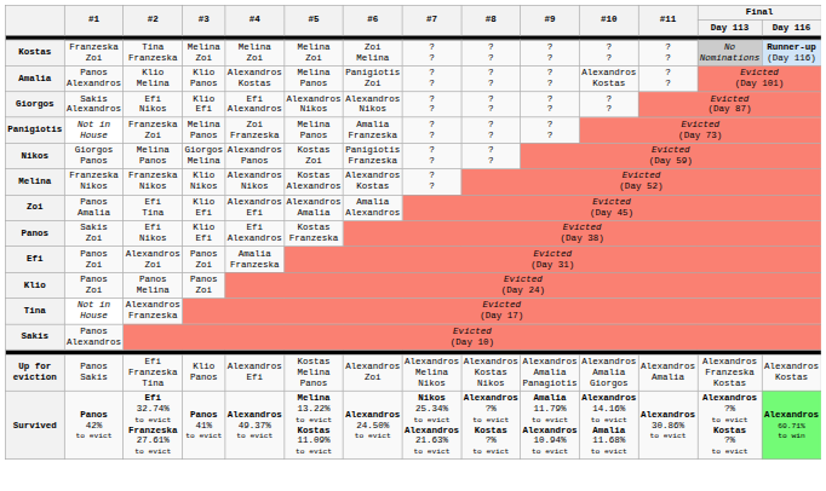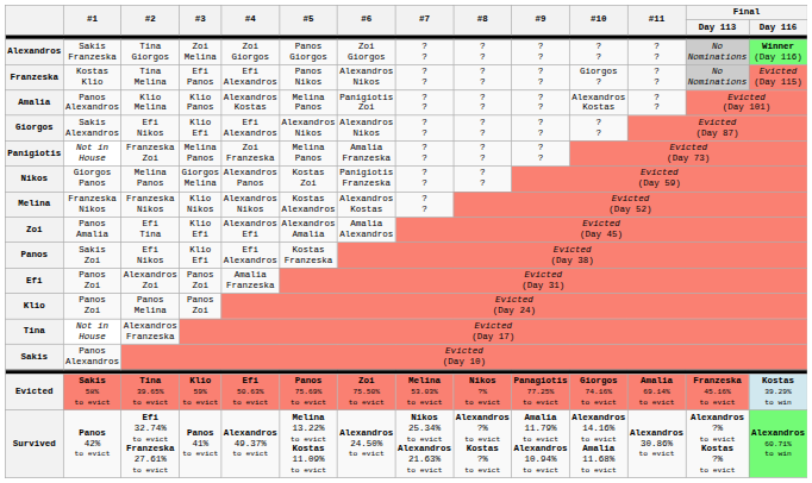 <table class="wikitable" style="text-align:center; font-size:85%; line-height:13px; width:100%">
 <tr>
 <th style="width:5%" rowspan="2"></th>
 <th style="width:5%" rowspan="2">#1</th>
 <th style="width:5%" rowspan="2">#2</th>
 <th style="width:5%" rowspan="2">#3</th>
 <th style="width:5%" rowspan="2">#4</th>
 <th style="width:5%" rowspan="2">#5</th>
 <th style="width:5%" rowspan="2">#6</th>
 <th style="width:5%" rowspan="2">#7</th>
 <th style="width:5%" rowspan="2">#8</th>
 <th style="width:5%" rowspan="2">#9</th>
 <th style="width:5%" rowspan="2">#10</th>
 <th style="width:5%" rowspan="2">#11</th>
 <th style="width:5%" colspan="2">Final</th>
 </tr>
 <tr>
 <th>Day 113</th>
 <th>Day 116</th>
 </tr>
 <tr>
 <th colspan="14" style="background:black;"></th>
 </tr>
 <tr>
-<th>Kostas</th>
-<td>Franzeska<br>Zoi</td>
-<td>Tina<br>Franzeska</td>
-<td>Melina<br>Zoi</td>
-<td>Melina<br>Zoi</td>
-<td>Melina<br>Zoi</td>
+<th>Alexandros</th>
+<td>Sakis<br>Franzeska</td>
+<td>Tina<br>Giorgos</td>
 <td>Zoi<br>Melina</td>
+<td>Zoi<br>Giorgos</td>
+<td>Panos<br>Giorgos</td>
+<td>Zoi<br>Giorgos</td>
 <td>?<br>?</td>
 <td>?<br>?</td>
 <td>?<br>?</td>
 <td>?<br>?</td>
 <td>?<br>?</td>
 <td style="background:#CCCCCC;"><em>No<br>Nominations</em></td>
-<td style="background:#d1e5f8"><strong>Runner-up</strong><br>(Day 116)</td>
+<td style="background:#73FB76"><strong>Winner</strong><br>(Day 116)</td>
+</tr>
+<tr>
+<th>Franzeska</th>
+<td>Kostas<br>Klio</td>
+<td>Tina<br>Melina</td>
+<td>Efi<br>Panos</td>
+<td>Efi<br>Alexandros</td>
+<td>Panos<br>Nikos</td>
+<td>Alexandros<br>Nikos</td>
+<td>?<br>?</td>
+<td>?<br>?</td>
+<td>?<br>?</td>
+<td>Giorgos<br>?</td>
+<td>?<br>?</td>
+<td style="background:#CCCCCC;"><em>No<br>Nominations</em></td>
+<td style="background:salmon;"><em>Evicted</em><br>(Day 115)</td>
 </tr>
 <tr>
 <th>Amalia</th>
 <td>Panos<br>Alexandros</td>
 <td>Klio<br>Melina</td>
 <td>Klio<br>Panos</td>
 <td>Alexandros<br>Kostas</td>
 <td>Melina<br>Panos</td>
 <td>Panigiotis<br>Zoi</td>
 <td>?<br>?</td>
 <td>?<br>?</td>
 <td>?<br>?</td>
 <td>Alexandros<br>Kostas</td>
 <td>?<br>?</td>
 <td colspan="2" style="background:salmon;"><em>Evicted</em><br>(Day 101)</td>
 </tr>
 <tr>
 <th>Giorgos</th>
 <td>Sakis<br>Alexandros</td>
 <td>Efi<br>Nikos</td>
 <td>Klio<br>Efi</td>
 <td>Efi<br>Alexandros</td>
 <td>Alexandros<br>Nikos</td>
 <td>Alexandros<br>Nikos</td>
 <td>?<br>?</td>
 <td>?<br>?</td>
 <td>?<br>?</td>
 <td>?<br>?</td>
 <td colspan="3" style="background:salmon; "><em>Evicted</em><br>(Day 87)</td>
 </tr>
 <tr>
 <th>Panigiotis</th>
 <td style="background:white"><em>Not in<br>House</em></td>
 <td>Franzeska<br>Zoi</td>
 <td>Melina<br>Panos</td>
 <td>Zoi<br>Franzeska</td>
 <td>Melina<br>Panos</td>
 <td>Amalia<br>Franzeska</td>
 <td>?<br>?</td>
 <td>?<br>?</td>
 <td>?<br>?</td>
 <td colspan="4" style="background:salmon;"><em>Evicted</em><br>(Day 73)</td>
 </tr>
 <tr>
 <th>Nikos</th>
 <td>Giorgos<br>Panos</td>
 <td>Melina<br>Panos</td>
 <td>Giorgos<br>Melina</td>
 <td>Alexandros<br>Panos</td>
 <td>Kostas<br>Zoi</td>
 <td>Panigiotis<br>Franzeska</td>
 <td>?<br>?</td>
 <td>?<br>?</td>
 <td colspan="5" style="background:salmon;"><em>Evicted</em><br>(Day 59)</td>
 </tr>
 <tr>
 <th>Melina</th>
 <td>Franzeska<br>Nikos</td>
 <td>Franzeska<br>Nikos</td>
 <td>Klio<br>Nikos</td>
 <td>Alexandros<br>Nikos</td>
 <td>Kostas<br>Alexandros</td>
 <td>Alexandros<br>Kostas</td>
 <td>?<br>?</td>
 <td colspan="6" style="background:salmon;"><em>Evicted</em><br>(Day 52)</td>
 </tr>
 <tr>
 <th>Zoi</th>
 <td>Panos<br>Amalia</td>
 <td>Efi<br>Tina</td>
 <td>Klio<br>Efi</td>
 <td>Alexandros<br>Efi</td>
 <td>Alexandros<br>Amalia</td>
 <td>Amalia<br>Alexandros</td>
 <td colspan="7" style="background:salmon;"><em>Evicted</em><br>(Day 45)</td>
 </tr>
 <tr>
 <th>Panos</th>
 <td>Sakis<br>Zoi</td>
 <td>Efi<br>Nikos</td>
 <td>Klio<br>Efi</td>
 <td>Efi<br>Alexandros</td>
 <td>Kostas<br>Franzeska</td>
 <td colspan="8" style="background:salmon;"><em>Evicted</em><br>(Day 38)</td>
 </tr>
 <tr>
 <th>Efi</th>
 <td>Panos<br>Zoi</td>
 <td>Alexandros<br>Zoi</td>
 <td>Panos<br>Zoi</td>
 <td>Amalia<br>Franzeska</td>
 <td colspan="9" style="background:salmon;"><em>Evicted</em><br>(Day 31)</td>
 </tr>
 <tr>
 <th>Klio</th>
 <td>Panos<br>Zoi</td>
 <td>Panos<br>Melina</td>
 <td>Panos<br>Zoi</td>
 <td colspan="10" style="background:salmon;"><em>Evicted</em><br>(Day 24)</td>
 </tr>
 <tr>
 <th>Tina</th>
 <td style="background:white"><em>Not in<br>House</em></td>
 <td>Alexandros<br>Franzeska</td>
 <td colspan="11" style="background:salmon;"><em>Evicted</em><br>(Day 17)</td>
 </tr>
 <tr>
 <th>Sakis</th>
 <td>Panos<br>Alexandros</td>
 <td colspan="12" style="background:salmon;"><em>Evicted</em><br>(Day 10)</td>
 </tr>
 <tr>
 <td colspan="14" style="background:black;"></td>
 </tr>
 <tr>
-<th>Up for<br>eviction</th>
-<td>Panos<br>Sakis</td>
-<td>Efi<br>Franzeska<br>Tina</td>
-<td>Klio<br>Panos</td>
-<td>Alexandros<br>Efi</td>
-<td>Kostas<br>Melina<br>Panos</td>
-<td>Alexandros<br>Zoi</td>
-<td>Alexandros<br>Melina<br>Nikos</td>
-<td>Alexandros<br>Kostas<br>Nikos</td>
-<td>Alexandros<br>Amalia<br>Panagiotis</td>
-<td>Alexandros<br>Amalia<br>Giorgos</td>
-<td>Alexandros<br>Amalia</td>
-<td>Alexandros<br>Franzeska<br>Kostas</td>
-<td>Alexandros<br>Kostas</td>
+<th>Evicted</th>
+<td style="background:salmon"><strong>Sakis</strong><br><small>58%<br>to evict<br></small></td>
+<td style="background:salmon"><strong>Tina</strong><br><small>39.65%<br>to evict<br></small></td>
+<td style="background:salmon"><strong>Klio</strong><br><small>59%<br>to evict<br></small></td>
+<td style="background:salmon"><strong>Efi</strong><br><small>50.63%<br>to evict<br></small></td>
+<td style="background:salmon"><strong>Panos</strong><br><small>75.69%<br>to evict<br></small></td>
+<td style="background:salmon"><strong>Zoi</strong><br><small>75.50%<br>to evict<br></small></td>
+<td style="background:salmon"><strong>Melina</strong><br><small>53.03%<br>to evict<br></small></td>
+<td style="background:salmon"><strong>Nikos</strong><br><small>?%<br>to evict<br></small></td>
+<td style="background:salmon"><strong>Panagiotis</strong><br><small>77.25%<br>to evict<br></small></td>
+<td style="background:salmon"><strong>Giorgos</strong><br><small>74.16%<br>to evict<br></small></td>
+<td style="background:salmon"><strong>Amalia</strong><br><small>69.14%<br>to evict<br></small></td>
+<td style="background:salmon"><strong>Franzeska</strong><br><small>45.16%<br>to evict<br></small></td>
+<td style="background:#D1E8EF"><strong>Kostas</strong><br><small>39.29%<br>to win<br></small></td>
 </tr>
 <tr>
 <th>Survived</th>
 <td><strong>Panos</strong><br>42%<br><small>to evict</small></td>
 <td><strong>Efi</strong><br>32.74%<br><small>to evict</small><br><strong>Franzeska</strong><br>27.61%<br><small>to evict</small></td>
 <td><strong>Panos</strong><br>41%<br><small>to evict</small></td>
 <td><strong>Alexandros</strong><br>49.37%<br><small>to evict</small></td>
 <td><strong>Melina</strong><br>13.22%<br><small>to evict</small><br><strong>Kostas</strong><br>11.09%<br><small>to evict</small></td>
 <td><strong>Alexandros</strong><br>24.50%<br><small>to evict</small></td>
 <td><strong>Nikos</strong><br>25.34%<br><small>to evict</small><br><strong>Alexandros</strong><br>21.63%<br><small>to evict</small></td>
 <td><strong>Alexandros</strong><br>?%<br><small>to evict</small><br><strong>Kostas</strong><br>?%<br><small> to evict</small></td>
 <td><strong>Amalia</strong><br>11.79%<br><small> to evict</small><br><strong>Alexandros</strong><br>10.94%<br><small>to evict</small></td>
 <td><strong>Alexandros</strong><br>14.16%<br><small> to evict</small><br><strong>Amalia</strong><br>11.68%<br><small>to evict</small></td>
 <td><strong>Alexandros</strong><br>30.86%<br><small>to evict</small></td>
 <td><strong>Alexandros</strong><br>?%<br><small>to evict</small><br><strong>Kostas</strong><br>?%<br><small>to evict</small></td>
 <td style="background:#73FB76"><strong>Alexandros </strong><br><small>60.71%<br>to win<br></small></td>
 </tr>
 </table>
